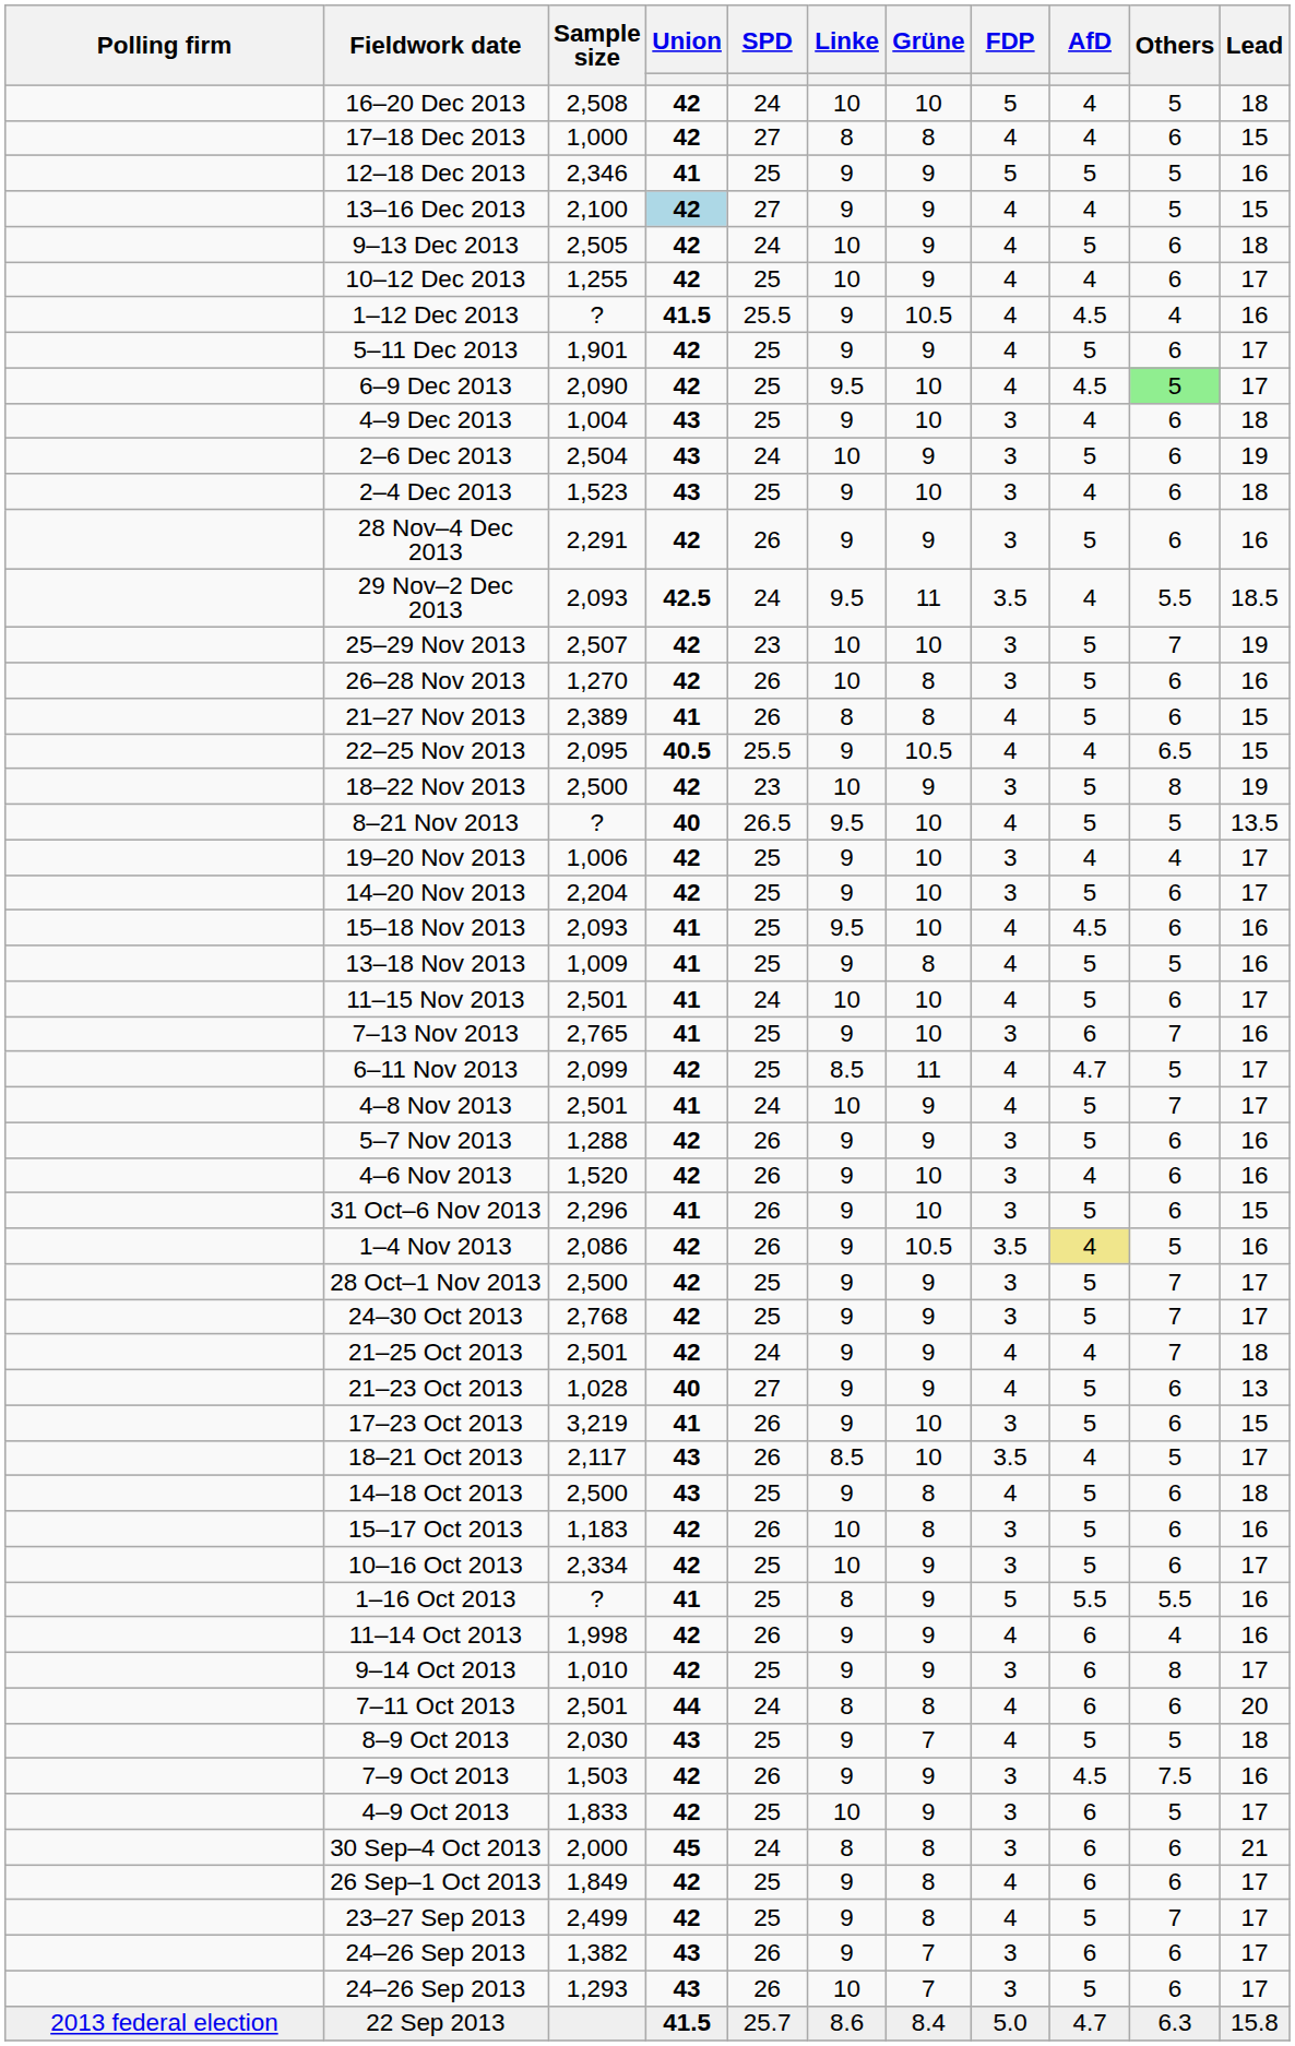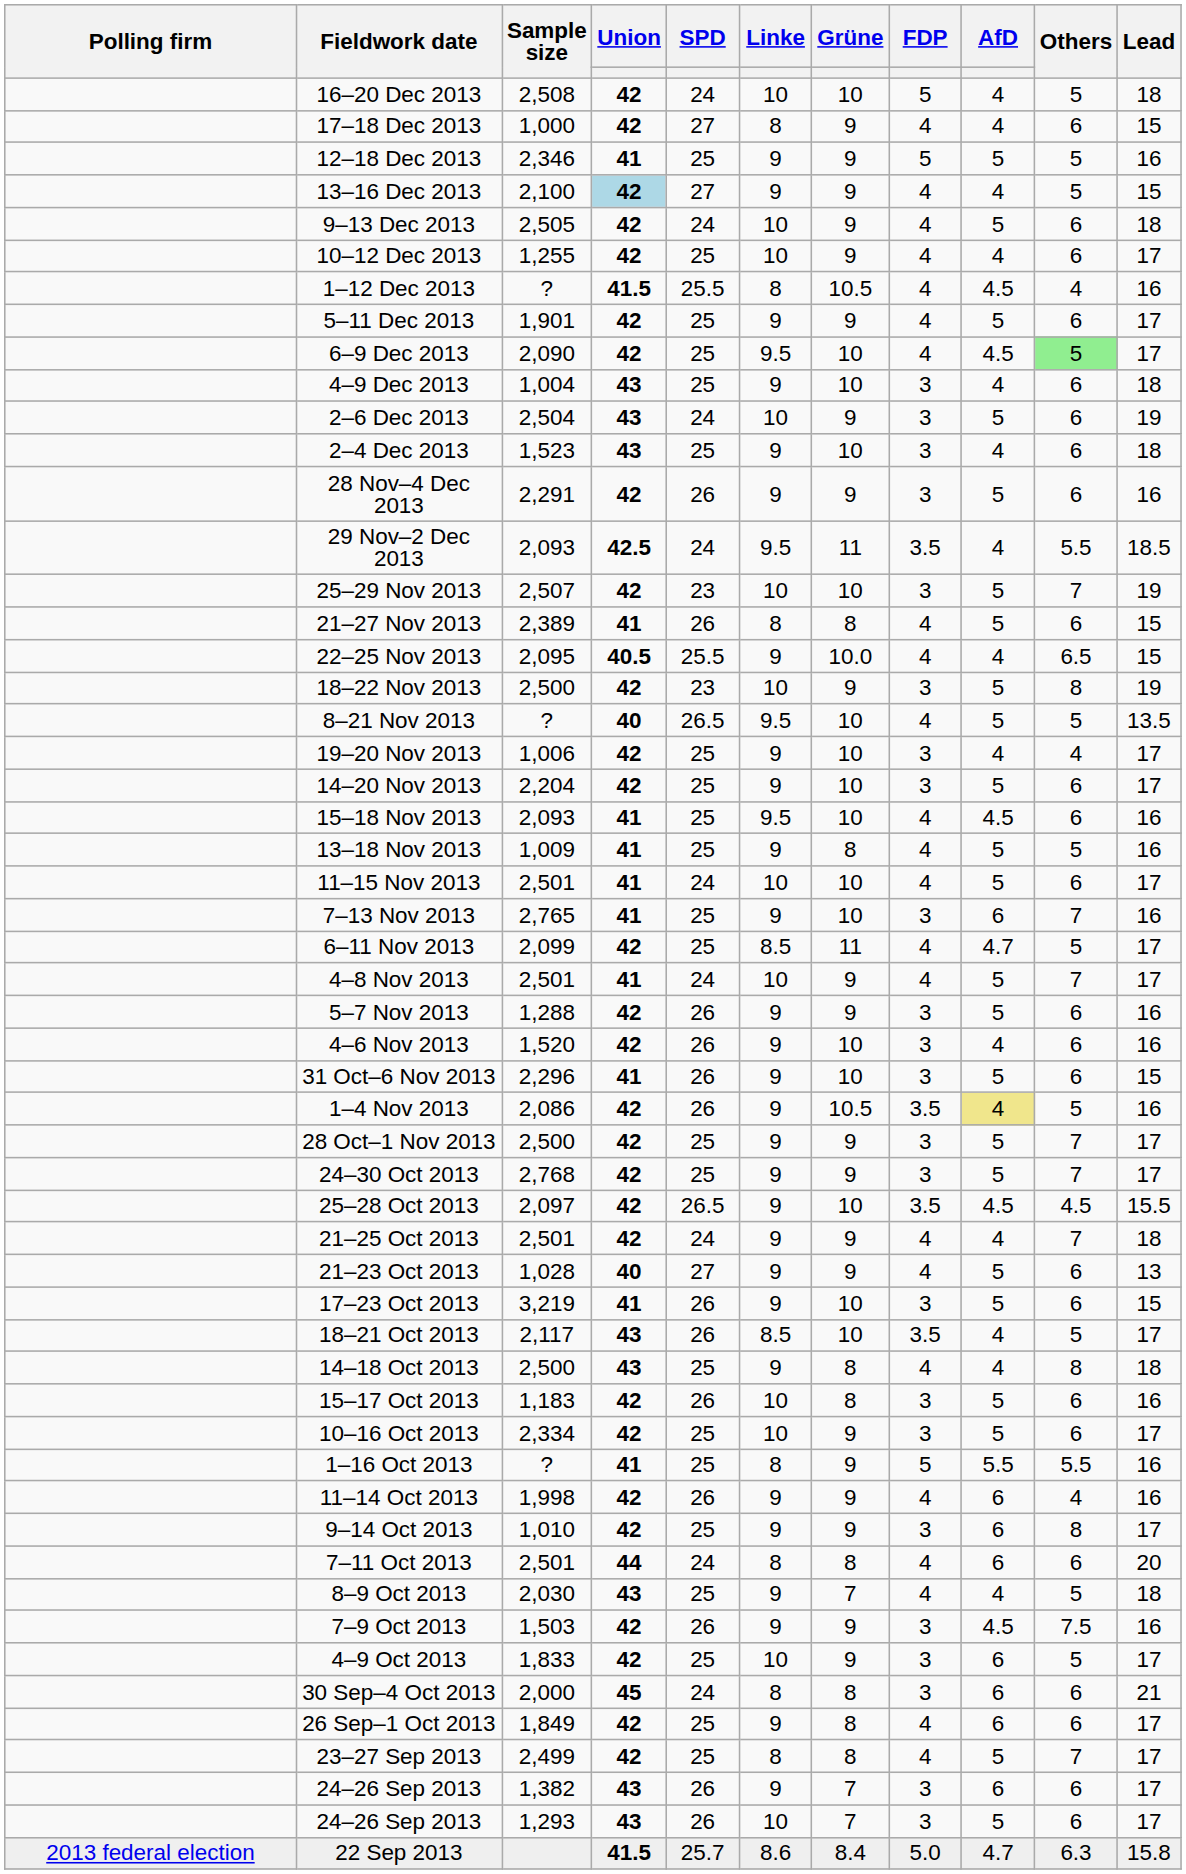 <table class="wikitable sortable tpl-blanktable mw-collapsible mw-collapsed tpl-blanktable" style="text-align:center;font-size:90%;line-height:14px;">
 <tr style="height:40px;">
 <th style="width:180px;" rowspan="2">Polling firm</th>
 <th style="width:125px;" rowspan="2">Fieldwork date</th>
 <th style="width:35px;" rowspan="2">Sample<br>size</th>
 <th style="width:40px;" class="unsortable"><a href='#'>Union</a></th>
 <th style="width:40px;" class="unsortable"><a href='#'>SPD</a></th>
 <th style="width:40px;" class="unsortable"><a href='#'>Linke</a></th>
 <th style="width:40px;" class="unsortable"><a href='#'>Grüne</a></th>
 <th style="width:40px;" class="unsortable"><a href='#'>FDP</a></th>
 <th style="width:40px;" class="unsortable"><a href='#'>AfD</a></th>
 <th class="unsortable" style="width:30px;" rowspan="2">Others</th>
 <th style="width:30px;" rowspan="2">Lead</th>
 </tr>
 <tr>
 <th style="color:inherit;background:"></th>
 <th style="color:inherit;background:"></th>
 <th style="color:inherit;background:"></th>
 <th style="color:inherit;background:"></th>
 <th style="color:inherit;background:"></th>
 <th style="color:inherit;background:"></th>
 </tr>
 <tr>
 <td></td>
 <td>16–20 Dec 2013</td>
 <td>2,508</td>
 <td><strong>42</strong></td>
 <td>24</td>
 <td>10</td>
 <td>10</td>
 <td>5</td>
 <td>4</td>
 <td>5</td>
 <td style="background:">18</td>
 </tr>
 <tr>
 <td></td>
 <td>17–18 Dec 2013</td>
 <td>1,000</td>
 <td><strong>42</strong></td>
 <td>27</td>
 <td>8</td>
-<td>8</td>
+<td>9</td>
 <td>4</td>
 <td>4</td>
 <td>6</td>
 <td style="background:">15</td>
 </tr>
 <tr>
 <td></td>
 <td>12–18 Dec 2013</td>
 <td>2,346</td>
 <td><strong>41</strong></td>
 <td>25</td>
 <td>9</td>
 <td>9</td>
 <td>5</td>
 <td>5</td>
 <td>5</td>
 <td style="background:">16</td>
 </tr>
 <tr>
 <td></td>
 <td>13–16 Dec 2013</td>
 <td>2,100</td>
 <td style="background: lightblue;"><strong>42</strong></td>
 <td>27</td>
 <td>9</td>
 <td>9</td>
 <td>4</td>
 <td>4</td>
 <td>5</td>
 <td style="background:">15</td>
 </tr>
 <tr>
 <td></td>
 <td>9–13 Dec 2013</td>
 <td>2,505</td>
 <td><strong>42</strong></td>
 <td>24</td>
 <td>10</td>
 <td>9</td>
 <td>4</td>
 <td>5</td>
 <td>6</td>
 <td style="background:">18</td>
 </tr>
 <tr>
 <td></td>
 <td>10–12 Dec 2013</td>
 <td>1,255</td>
 <td><strong>42</strong></td>
 <td>25</td>
 <td>10</td>
 <td>9</td>
 <td>4</td>
 <td>4</td>
 <td>6</td>
 <td style="background:">17</td>
 </tr>
 <tr>
 <td></td>
 <td>1–12 Dec 2013</td>
 <td>?</td>
 <td><strong>41.5</strong></td>
 <td>25.5</td>
-<td>9</td>
+<td>8</td>
 <td>10.5</td>
 <td>4</td>
 <td>4.5</td>
 <td>4</td>
 <td style="background:">16</td>
 </tr>
 <tr>
 <td></td>
 <td>5–11 Dec 2013</td>
 <td>1,901</td>
 <td><strong>42</strong></td>
 <td>25</td>
 <td>9</td>
 <td>9</td>
 <td>4</td>
 <td>5</td>
 <td>6</td>
 <td style="background:">17</td>
 </tr>
 <tr>
 <td></td>
 <td>6–9 Dec 2013</td>
 <td>2,090</td>
 <td><strong>42</strong></td>
 <td>25</td>
 <td>9.5</td>
 <td>10</td>
 <td>4</td>
 <td>4.5</td>
 <td style="background: lightgreen;">5</td>
 <td style="background:">17</td>
 </tr>
 <tr>
 <td></td>
 <td>4–9 Dec 2013</td>
 <td>1,004</td>
 <td><strong>43</strong></td>
 <td>25</td>
 <td>9</td>
 <td>10</td>
 <td>3</td>
 <td>4</td>
 <td>6</td>
 <td style="background:">18</td>
 </tr>
 <tr>
 <td></td>
 <td>2–6 Dec 2013</td>
 <td>2,504</td>
 <td><strong>43</strong></td>
 <td>24</td>
 <td>10</td>
 <td>9</td>
 <td>3</td>
 <td>5</td>
 <td>6</td>
 <td style="background:">19</td>
 </tr>
 <tr>
 <td></td>
 <td>2–4 Dec 2013</td>
 <td>1,523</td>
 <td><strong>43</strong></td>
 <td>25</td>
 <td>9</td>
 <td>10</td>
 <td>3</td>
 <td>4</td>
 <td>6</td>
 <td style="background:">18</td>
 </tr>
 <tr>
 <td></td>
 <td>28 Nov–4 Dec 2013</td>
 <td>2,291</td>
 <td><strong>42</strong></td>
 <td>26</td>
 <td>9</td>
 <td>9</td>
 <td>3</td>
 <td>5</td>
 <td>6</td>
 <td style="background:">16</td>
 </tr>
 <tr>
 <td></td>
 <td>29 Nov–2 Dec 2013</td>
 <td>2,093</td>
 <td><strong>42.5</strong></td>
 <td>24</td>
 <td>9.5</td>
 <td>11</td>
 <td>3.5</td>
 <td>4</td>
 <td>5.5</td>
 <td style="background:">18.5</td>
 </tr>
 <tr>
 <td></td>
 <td>25–29 Nov 2013</td>
 <td>2,507</td>
 <td><strong>42</strong></td>
 <td>23</td>
 <td>10</td>
 <td>10</td>
 <td>3</td>
 <td>5</td>
 <td>7</td>
 <td style="background:">19</td>
 </tr>
 <tr>
 <td></td>
-<td>26–28 Nov 2013</td>
-<td>1,270</td>
-<td><strong>42</strong></td>
-<td>26</td>
-<td>10</td>
-<td>8</td>
-<td>3</td>
-<td>5</td>
-<td>6</td>
-<td style="background:">16</td>
-</tr>
-<tr>
-<td></td>
 <td>21–27 Nov 2013</td>
 <td>2,389</td>
 <td><strong>41</strong></td>
 <td>26</td>
 <td>8</td>
 <td>8</td>
 <td>4</td>
 <td>5</td>
 <td>6</td>
 <td style="background:">15</td>
 </tr>
 <tr>
 <td></td>
 <td>22–25 Nov 2013</td>
 <td>2,095</td>
 <td><strong>40.5</strong></td>
 <td>25.5</td>
 <td>9</td>
-<td>10.5</td>
+<td>10.0</td>
 <td>4</td>
 <td>4</td>
 <td>6.5</td>
 <td style="background:">15</td>
 </tr>
 <tr>
 <td></td>
 <td>18–22 Nov 2013</td>
 <td>2,500</td>
 <td><strong>42</strong></td>
 <td>23</td>
 <td>10</td>
 <td>9</td>
 <td>3</td>
 <td>5</td>
 <td>8</td>
 <td style="background:">19</td>
 </tr>
 <tr>
 <td></td>
 <td>8–21 Nov 2013</td>
 <td>?</td>
 <td><strong>40</strong></td>
 <td>26.5</td>
 <td>9.5</td>
 <td>10</td>
 <td>4</td>
 <td>5</td>
 <td>5</td>
 <td style="background:">13.5</td>
 </tr>
 <tr>
 <td></td>
 <td>19–20 Nov 2013</td>
 <td>1,006</td>
 <td><strong>42</strong></td>
 <td>25</td>
 <td>9</td>
 <td>10</td>
 <td>3</td>
 <td>4</td>
 <td>4</td>
 <td style="background:">17</td>
 </tr>
 <tr>
 <td></td>
 <td>14–20 Nov 2013</td>
 <td>2,204</td>
 <td><strong>42</strong></td>
 <td>25</td>
 <td>9</td>
 <td>10</td>
 <td>3</td>
 <td>5</td>
 <td>6</td>
 <td style="background:">17</td>
 </tr>
 <tr>
 <td></td>
 <td>15–18 Nov 2013</td>
 <td>2,093</td>
 <td><strong>41</strong></td>
 <td>25</td>
 <td>9.5</td>
 <td>10</td>
 <td>4</td>
 <td>4.5</td>
 <td>6</td>
 <td style="background:">16</td>
 </tr>
 <tr>
 <td></td>
 <td>13–18 Nov 2013</td>
 <td>1,009</td>
 <td><strong>41</strong></td>
 <td>25</td>
 <td>9</td>
 <td>8</td>
 <td>4</td>
 <td>5</td>
 <td>5</td>
 <td style="background:">16</td>
 </tr>
 <tr>
 <td></td>
 <td>11–15 Nov 2013</td>
 <td>2,501</td>
 <td><strong>41</strong></td>
 <td>24</td>
 <td>10</td>
 <td>10</td>
 <td>4</td>
 <td>5</td>
 <td>6</td>
 <td style="background:">17</td>
 </tr>
 <tr>
 <td></td>
 <td>7–13 Nov 2013</td>
 <td>2,765</td>
 <td><strong>41</strong></td>
 <td>25</td>
 <td>9</td>
 <td>10</td>
 <td>3</td>
 <td>6</td>
 <td>7</td>
 <td style="background:">16</td>
 </tr>
 <tr>
 <td></td>
 <td>6–11 Nov 2013</td>
 <td>2,099</td>
 <td><strong>42</strong></td>
 <td>25</td>
 <td>8.5</td>
 <td>11</td>
 <td>4</td>
 <td>4.7</td>
 <td>5</td>
 <td style="background:">17</td>
 </tr>
 <tr>
 <td></td>
 <td>4–8 Nov 2013</td>
 <td>2,501</td>
 <td><strong>41</strong></td>
 <td>24</td>
 <td>10</td>
 <td>9</td>
 <td>4</td>
 <td>5</td>
 <td>7</td>
 <td style="background:">17</td>
 </tr>
 <tr>
 <td></td>
 <td>5–7 Nov 2013</td>
 <td>1,288</td>
 <td><strong>42</strong></td>
 <td>26</td>
 <td>9</td>
 <td>9</td>
 <td>3</td>
 <td>5</td>
 <td>6</td>
 <td style="background:">16</td>
 </tr>
 <tr>
 <td></td>
 <td>4–6 Nov 2013</td>
 <td>1,520</td>
 <td><strong>42</strong></td>
 <td>26</td>
 <td>9</td>
 <td>10</td>
 <td>3</td>
 <td>4</td>
 <td>6</td>
 <td style="background:">16</td>
 </tr>
 <tr>
 <td></td>
 <td>31 Oct–6 Nov 2013</td>
 <td>2,296</td>
 <td><strong>41</strong></td>
 <td>26</td>
 <td>9</td>
 <td>10</td>
 <td>3</td>
 <td>5</td>
 <td>6</td>
 <td style="background:">15</td>
 </tr>
 <tr>
 <td></td>
 <td>1–4 Nov 2013</td>
 <td>2,086</td>
 <td><strong>42</strong></td>
 <td>26</td>
 <td>9</td>
 <td>10.5</td>
 <td>3.5</td>
 <td style="background: khaki;">4</td>
 <td>5</td>
 <td style="background:">16</td>
 </tr>
 <tr>
 <td></td>
 <td>28 Oct–1 Nov 2013</td>
 <td>2,500</td>
 <td><strong>42</strong></td>
 <td>25</td>
 <td>9</td>
 <td>9</td>
 <td>3</td>
 <td>5</td>
 <td>7</td>
 <td style="background:">17</td>
 </tr>
 <tr>
 <td></td>
 <td>24–30 Oct 2013</td>
 <td>2,768</td>
 <td><strong>42</strong></td>
 <td>25</td>
 <td>9</td>
 <td>9</td>
 <td>3</td>
 <td>5</td>
 <td>7</td>
 <td style="background:">17</td>
 </tr>
 <tr>
 <td></td>
+<td>25–28 Oct 2013</td>
+<td>2,097</td>
+<td><strong>42</strong></td>
+<td>26.5</td>
+<td>9</td>
+<td>10</td>
+<td>3.5</td>
+<td>4.5</td>
+<td>4.5</td>
+<td style="background:">15.5</td>
+</tr>
+<tr>
+<td></td>
 <td>21–25 Oct 2013</td>
 <td>2,501</td>
 <td><strong>42</strong></td>
 <td>24</td>
 <td>9</td>
 <td>9</td>
 <td>4</td>
 <td>4</td>
 <td>7</td>
 <td style="background:">18</td>
 </tr>
 <tr>
 <td></td>
 <td>21–23 Oct 2013</td>
 <td>1,028</td>
 <td><strong>40</strong></td>
 <td>27</td>
 <td>9</td>
 <td>9</td>
 <td>4</td>
 <td>5</td>
 <td>6</td>
 <td style="background:">13</td>
 </tr>
 <tr>
 <td></td>
 <td>17–23 Oct 2013</td>
 <td>3,219</td>
 <td><strong>41</strong></td>
 <td>26</td>
 <td>9</td>
 <td>10</td>
 <td>3</td>
 <td>5</td>
 <td>6</td>
 <td style="background:">15</td>
 </tr>
 <tr>
 <td></td>
 <td>18–21 Oct 2013</td>
 <td>2,117</td>
 <td><strong>43</strong></td>
 <td>26</td>
 <td>8.5</td>
 <td>10</td>
 <td>3.5</td>
 <td>4</td>
 <td>5</td>
 <td style="background:">17</td>
 </tr>
 <tr>
 <td></td>
 <td>14–18 Oct 2013</td>
 <td>2,500</td>
 <td><strong>43</strong></td>
 <td>25</td>
 <td>9</td>
 <td>8</td>
 <td>4</td>
-<td>5</td>
-<td>6</td>
+<td>4</td>
+<td>8</td>
 <td style="background:">18</td>
 </tr>
 <tr>
 <td></td>
 <td>15–17 Oct 2013</td>
 <td>1,183</td>
 <td><strong>42</strong></td>
 <td>26</td>
 <td>10</td>
 <td>8</td>
 <td>3</td>
 <td>5</td>
 <td>6</td>
 <td style="background:">16</td>
 </tr>
 <tr>
 <td></td>
 <td>10–16 Oct 2013</td>
 <td>2,334</td>
 <td><strong>42</strong></td>
 <td>25</td>
 <td>10</td>
 <td>9</td>
 <td>3</td>
 <td>5</td>
 <td>6</td>
 <td style="background:">17</td>
 </tr>
 <tr>
 <td></td>
 <td>1–16 Oct 2013</td>
 <td>?</td>
 <td><strong>41</strong></td>
 <td>25</td>
 <td>8</td>
 <td>9</td>
 <td>5</td>
 <td>5.5</td>
 <td>5.5</td>
 <td style="background:">16</td>
 </tr>
 <tr>
 <td></td>
 <td>11–14 Oct 2013</td>
 <td>1,998</td>
 <td><strong>42</strong></td>
 <td>26</td>
 <td>9</td>
 <td>9</td>
 <td>4</td>
 <td>6</td>
 <td>4</td>
 <td style="background:">16</td>
 </tr>
 <tr>
 <td></td>
 <td>9–14 Oct 2013</td>
 <td>1,010</td>
 <td><strong>42</strong></td>
 <td>25</td>
 <td>9</td>
 <td>9</td>
 <td>3</td>
 <td>6</td>
 <td>8</td>
 <td style="background:">17</td>
 </tr>
 <tr>
 <td></td>
 <td>7–11 Oct 2013</td>
 <td>2,501</td>
 <td><strong>44</strong></td>
 <td>24</td>
 <td>8</td>
 <td>8</td>
 <td>4</td>
 <td>6</td>
 <td>6</td>
 <td style="background:">20</td>
 </tr>
 <tr>
 <td></td>
 <td>8–9 Oct 2013</td>
 <td>2,030</td>
 <td><strong>43</strong></td>
 <td>25</td>
 <td>9</td>
 <td>7</td>
 <td>4</td>
-<td>5</td>
+<td>4</td>
 <td>5</td>
 <td style="background:">18</td>
 </tr>
 <tr>
 <td></td>
 <td>7–9 Oct 2013</td>
 <td>1,503</td>
 <td><strong>42</strong></td>
 <td>26</td>
 <td>9</td>
 <td>9</td>
 <td>3</td>
 <td>4.5</td>
 <td>7.5</td>
 <td style="background:">16</td>
 </tr>
 <tr>
 <td></td>
 <td>4–9 Oct 2013</td>
 <td>1,833</td>
 <td><strong>42</strong></td>
 <td>25</td>
 <td>10</td>
 <td>9</td>
 <td>3</td>
 <td>6</td>
 <td>5</td>
 <td style="background:">17</td>
 </tr>
 <tr>
 <td></td>
 <td>30 Sep–4 Oct 2013</td>
 <td>2,000</td>
 <td><strong>45</strong></td>
 <td>24</td>
 <td>8</td>
 <td>8</td>
 <td>3</td>
 <td>6</td>
 <td>6</td>
 <td style="background:">21</td>
 </tr>
 <tr>
 <td></td>
 <td>26 Sep–1 Oct 2013</td>
 <td>1,849</td>
 <td><strong>42</strong></td>
 <td>25</td>
 <td>9</td>
 <td>8</td>
 <td>4</td>
 <td>6</td>
 <td>6</td>
 <td style="background:">17</td>
 </tr>
 <tr>
 <td></td>
 <td>23–27 Sep 2013</td>
 <td>2,499</td>
 <td><strong>42</strong></td>
 <td>25</td>
-<td>9</td>
+<td>8</td>
 <td>8</td>
 <td>4</td>
 <td>5</td>
 <td>7</td>
 <td style="background:">17</td>
 </tr>
 <tr>
 <td></td>
 <td>24–26 Sep 2013</td>
 <td>1,382</td>
 <td><strong>43</strong></td>
 <td>26</td>
 <td>9</td>
 <td>7</td>
 <td>3</td>
 <td>6</td>
 <td>6</td>
 <td style="background:">17</td>
 </tr>
 <tr>
 <td></td>
 <td>24–26 Sep 2013</td>
 <td>1,293</td>
 <td><strong>43</strong></td>
 <td>26</td>
 <td>10</td>
 <td>7</td>
 <td>3</td>
 <td>5</td>
 <td>6</td>
 <td style="background:">17</td>
 </tr>
 <tr style="background:#EFEFEF;">
 <td><a href='#'>2013 federal election</a></td>
 <td>22 Sep 2013</td>
 <td></td>
 <td><strong>41.5</strong></td>
 <td>25.7</td>
 <td>8.6</td>
 <td>8.4</td>
 <td>5.0</td>
 <td>4.7</td>
 <td>6.3</td>
 <td style="background:">15.8</td>
 </tr>
 </table>
